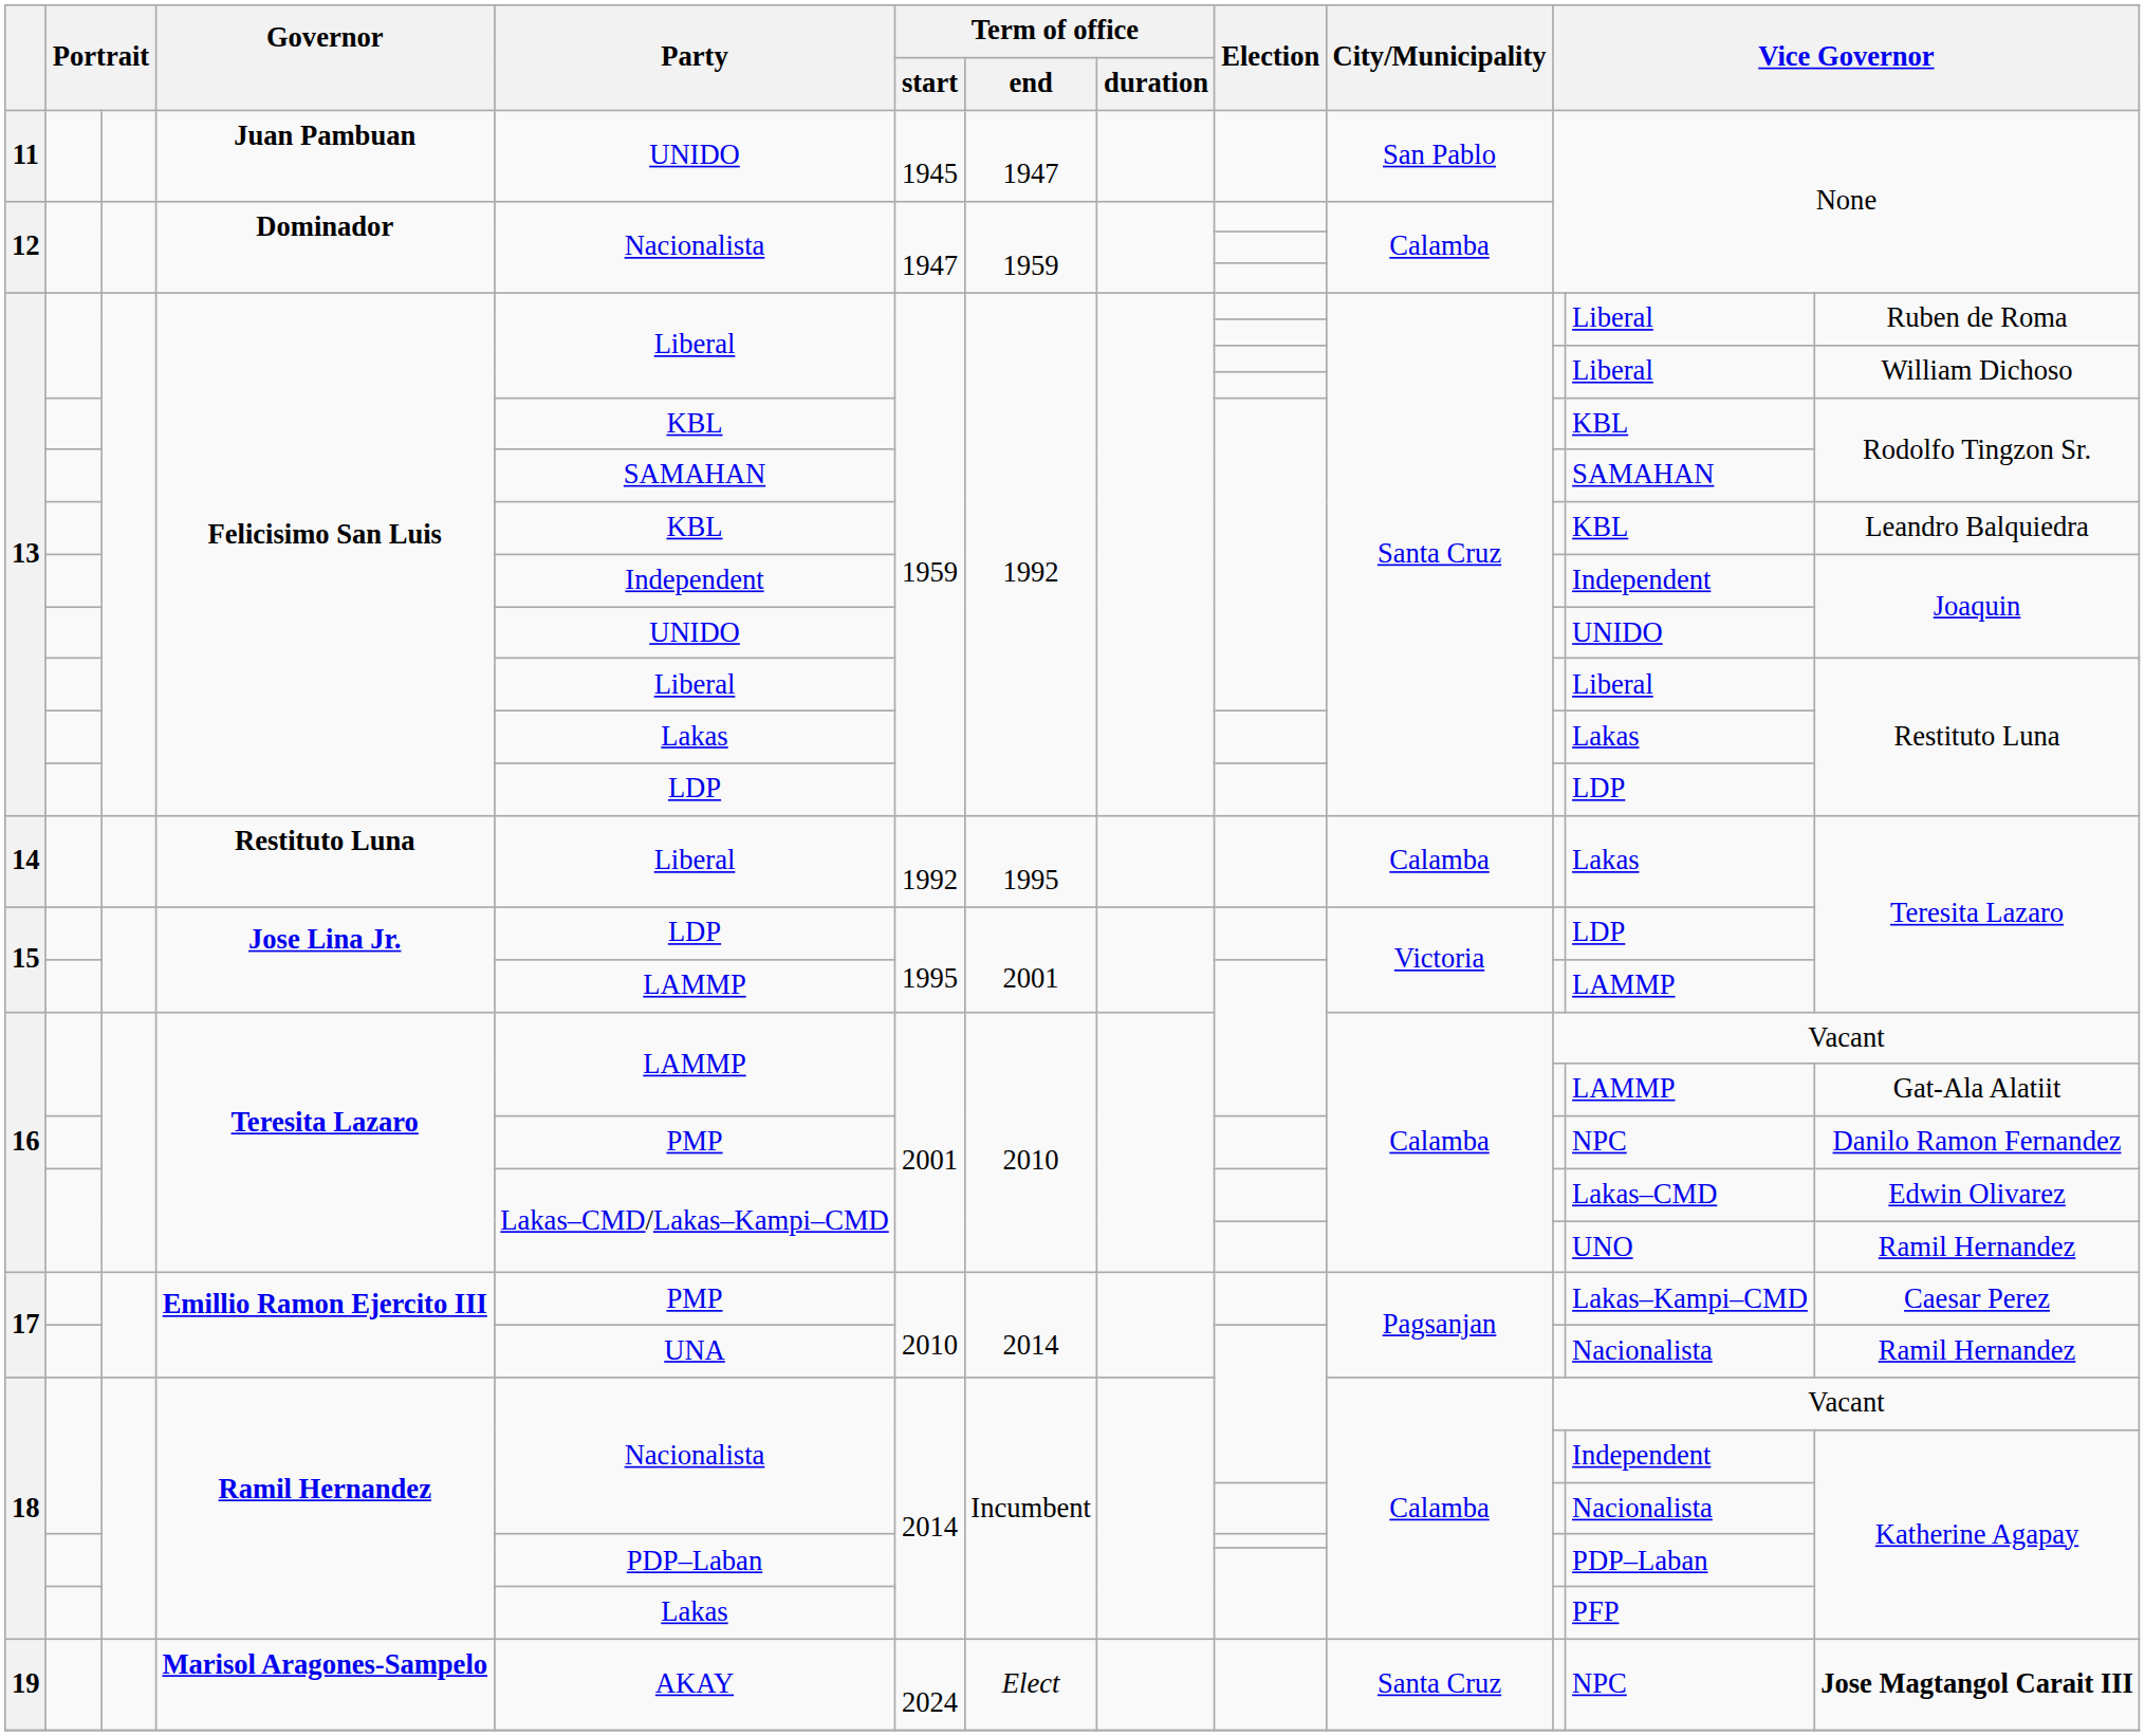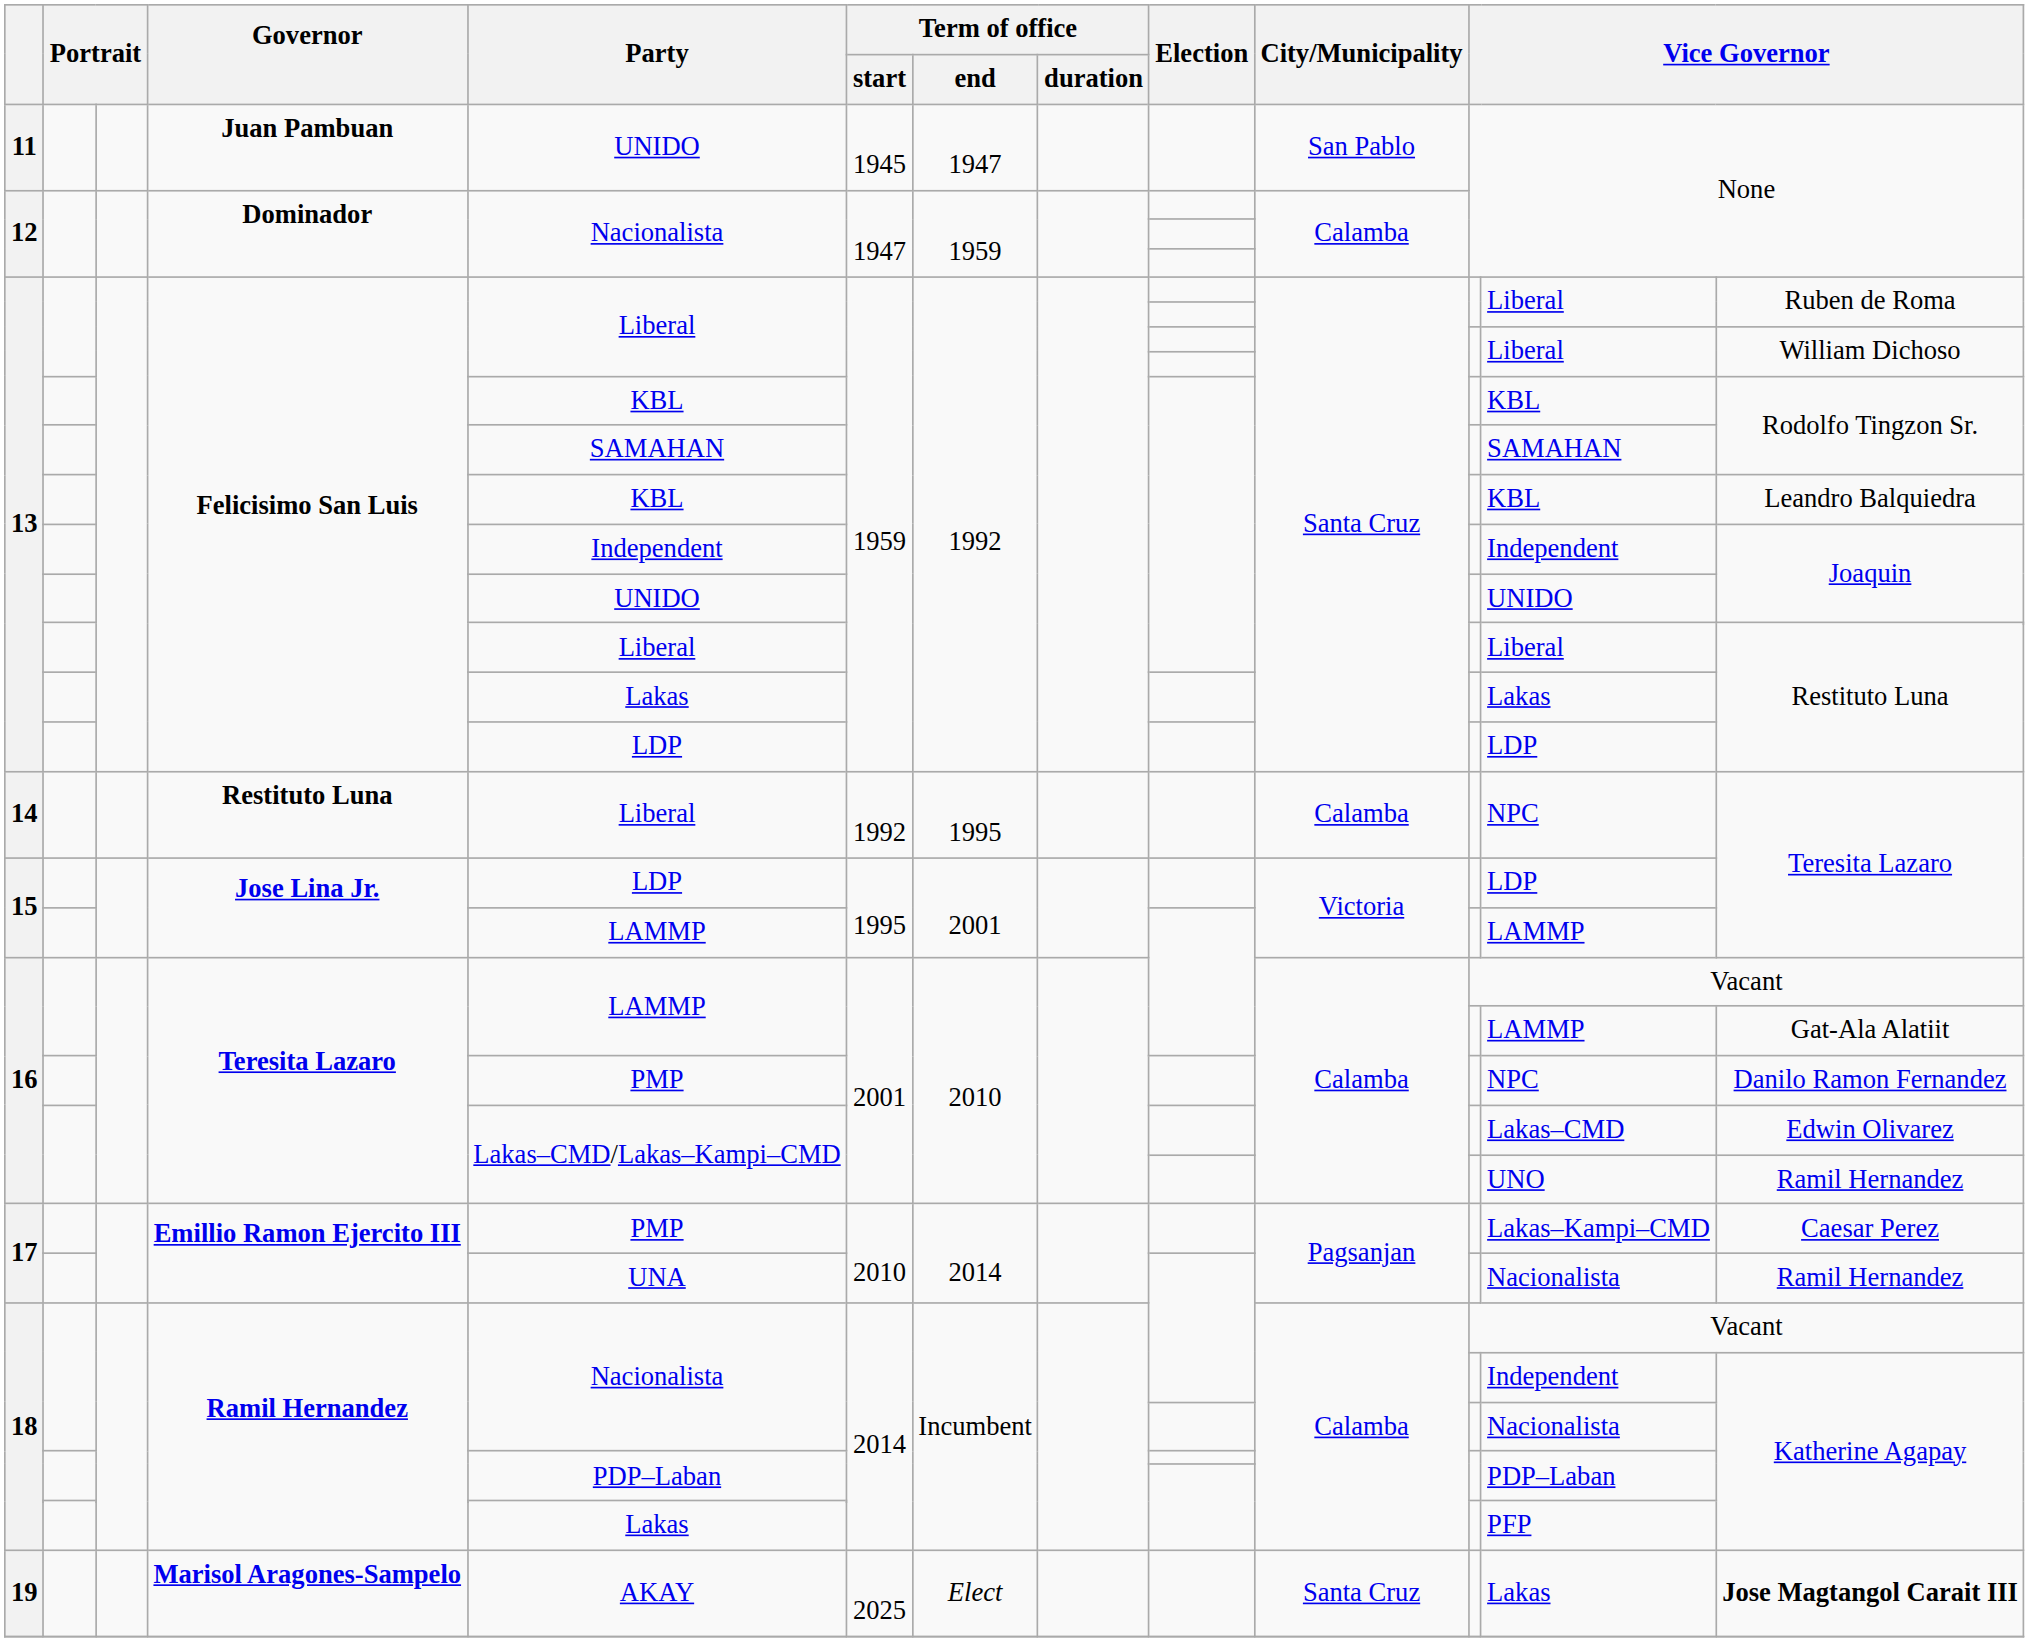 <table class="wikitable" style="line-height:1.4em; text-align:center">
 <tr>
 <th rowspan="2"></th>
 <th colspan="2" rowspan="2">Portrait</th>
 <th rowspan="2">Governor<br><br></th>
 <th rowspan="2">Party</th>
 <th colspan="3">Term of office</th>
 <th rowspan="2">Election</th>
 <th rowspan="2">City/Municipality</th>
 <th colspan="3" rowspan="2"><a href='#'>Vice Governor</a></th>
 </tr>
 <tr>
 <th>start</th>
 <th>end</th>
 <th>duration</th>
 </tr>
 <tr>
 <th>11</th>
 <td style="background:"></td>
 <td></td>
 <td><strong>Juan Pambuan</strong><br><br></td>
 <td><a href='#'>UNIDO</a></td>
 <td><br>1945</td>
 <td><br>1947</td>
 <td></td>
 <td></td>
 <td><a href='#'>San Pablo</a></td>
 <td rowspan="4" colspan="3">None<br></td>
 </tr>
 <tr>
 <th rowspan="3">12</th>
 <td rowspan="3" style="background:"></td>
 <td rowspan="3"></td>
 <td rowspan="3"><strong>Dominador </strong><br><br></td>
 <td rowspan="3"><a href='#'>Nacionalista</a></td>
 <td rowspan="3"><br>1947</td>
 <td rowspan="3"><br>1959</td>
 <td rowspan="3"></td>
 <td></td>
 <td rowspan="3"><a href='#'>Calamba</a></td>
 </tr>
 <tr>
 <td></td>
 </tr>
 <tr>
 <td></td>
 </tr>
 <tr>
 <th rowspan="13">13</th>
 <td rowspan="4" style="background:"></td>
 <td rowspan="13"></td>
 <td rowspan="13"><strong>Felicisimo San Luis</strong><br><br></td>
 <td rowspan="4"><a href='#'>Liberal</a></td>
 <td rowspan="13"><br>1959</td>
 <td rowspan="13"><br>1992</td>
 <td rowspan="13"></td>
 <td></td>
 <td rowspan="13"><a href='#'>Santa Cruz</a></td>
 <td rowspan="2" style="background:"></td>
 <td rowspan="2" style="text-align:left;"><a href='#'>Liberal</a></td>
 <td rowspan="2">Ruben de Roma<br></td>
 </tr>
 <tr>
 <td></td>
 </tr>
 <tr>
 <td></td>
 <td rowspan="2" style="background:"></td>
 <td rowspan="2" style="text-align:left;"><a href='#'>Liberal</a></td>
 <td rowspan="2">William Dichoso<br></td>
 </tr>
 <tr>
 <td></td>
 </tr>
 <tr>
 <td style="background:"></td>
 <td><a href='#'>KBL</a></td>
 <td rowspan="7"></td>
 <td style="background:"></td>
 <td style="text-align:left;"><a href='#'>KBL</a></td>
 <td rowspan="2">Rodolfo Tingzon Sr.<br></td>
 </tr>
 <tr>
 <td style="background:"></td>
 <td><a href='#'>SAMAHAN</a></td>
 <td style="background:"></td>
 <td style="text-align:left;"><a href='#'>SAMAHAN</a></td>
 </tr>
 <tr>
 <td style="background:"></td>
 <td><a href='#'>KBL</a></td>
 <td style="background:"></td>
 <td style="text-align:left;"><a href='#'>KBL</a></td>
 <td>Leandro Balquiedra<br></td>
 </tr>
 <tr>
 <td style="background:"></td>
 <td><a href='#'>Independent</a></td>
 <td style="background:"></td>
 <td style="text-align:left;"><a href='#'>Independent</a></td>
 <td rowspan="3"><a href='#'>Joaquin </a><br></td>
 </tr>
 <tr>
 <td style="background:"></td>
 <td><a href='#'>UNIDO</a></td>
 <td style="background:"></td>
 <td style="text-align:left;"><a href='#'>UNIDO</a></td>
 </tr>
 <tr>
 <td rowspan="2" style="background:"></td>
 <td rowspan="2"><a href='#'>Liberal</a></td>
 <td rowspan="2" style="background:"></td>
 <td rowspan="2" style="text-align:left;"><a href='#'>Liberal</a></td>
 </tr>
 <tr>
 <td rowspan="3">Restituto Luna<br></td>
 </tr>
 <tr>
 <td style="background:"></td>
 <td><a href='#'>Lakas</a></td>
 <td></td>
 <td style="background:"></td>
 <td style="text-align:left;"><a href='#'>Lakas</a></td>
 </tr>
 <tr>
 <td style="background:"></td>
 <td><a href='#'>LDP</a></td>
 <td></td>
 <td style="background:"></td>
 <td style="text-align:left;"><a href='#'>LDP</a></td>
 </tr>
 <tr>
 <th>14</th>
 <td style="background:"></td>
 <td></td>
 <td><strong>Restituto Luna</strong><br><br></td>
 <td><a href='#'>Liberal</a></td>
 <td><br>1992</td>
 <td><br>1995</td>
 <td></td>
 <td></td>
 <td><a href='#'>Calamba</a></td>
 <td style="background:"></td>
-<td style="text-align:left;"><a href='#'>Lakas</a></td>
+<td style="text-align:left;"><a href='#'>NPC</a></td>
 <td rowspan="3"><a href='#'>Teresita Lazaro</a><br></td>
 </tr>
 <tr>
 <th rowspan="2">15</th>
 <td style="background:"></td>
 <td rowspan="2"></td>
 <td rowspan="2"><strong><a href='#'>Jose Lina Jr.</a></strong><br><br></td>
 <td><a href='#'>LDP</a></td>
 <td rowspan="2"><br>1995</td>
 <td rowspan="2"><br>2001</td>
 <td rowspan="2"></td>
 <td></td>
 <td rowspan="2"><a href='#'>Victoria</a></td>
 <td style="background:"></td>
 <td style="text-align:left;"><a href='#'>LDP</a></td>
 </tr>
 <tr>
 <td style="background:"></td>
 <td><a href='#'>LAMMP</a></td>
 <td rowspan="3"></td>
 <td style="background:"></td>
 <td style="text-align:left;"><a href='#'>LAMMP</a></td>
 </tr>
 <tr>
 <th rowspan="5">16</th>
 <td rowspan="2" style="background:"></td>
 <td rowspan="5"></td>
 <td rowspan="5"><strong><a href='#'>Teresita Lazaro</a></strong><br><br></td>
 <td rowspan="2"><a href='#'>LAMMP</a></td>
 <td rowspan="5"><br>2001</td>
 <td rowspan="5"><br>2010</td>
 <td rowspan="5"></td>
 <td rowspan="5"><a href='#'>Calamba</a></td>
 <td colspan="3">Vacant<br></td>
 </tr>
 <tr>
 <td style="background:"></td>
 <td style="text-align:left;"><a href='#'>LAMMP</a></td>
 <td>Gat-Ala Alatiit<br></td>
 </tr>
 <tr>
 <td style="background:"></td>
 <td><a href='#'>PMP</a></td>
 <td></td>
 <td style="background:"></td>
 <td style="text-align:left;"><a href='#'>NPC</a></td>
 <td><a href='#'>Danilo Ramon Fernandez</a><br></td>
 </tr>
 <tr>
 <td rowspan="2" style="background:"></td>
 <td rowspan="2"><a href='#'>Lakas–CMD</a>/<a href='#'>Lakas–Kampi–CMD</a></td>
 <td></td>
 <td style="background:"></td>
 <td style="text-align:left;"><a href='#'>Lakas–CMD</a></td>
 <td><a href='#'>Edwin Olivarez</a><br></td>
 </tr>
 <tr>
 <td></td>
 <td style="background:"></td>
 <td style="text-align:left;"><a href='#'>UNO</a></td>
 <td><a href='#'>Ramil Hernandez</a><br></td>
 </tr>
 <tr>
 <th rowspan="2">17</th>
 <td style="background:"></td>
 <td rowspan="2"></td>
 <td rowspan="2"><strong><a href='#'>Emillio Ramon Ejercito III</a></strong><br><br></td>
 <td><a href='#'>PMP</a></td>
 <td rowspan="2"><br>2010</td>
 <td rowspan="2"><br>2014</td>
 <td rowspan="2"></td>
 <td></td>
 <td rowspan="2"><a href='#'>Pagsanjan</a></td>
 <td style="background:"></td>
 <td style="text-align:left;"><a href='#'>Lakas–Kampi–CMD</a></td>
 <td><a href='#'>Caesar Perez</a><br></td>
 </tr>
 <tr>
 <td style="background:"></td>
 <td><a href='#'>UNA</a></td>
 <td rowspan="3"></td>
 <td style="background:"></td>
 <td style="text-align:left;"><a href='#'>Nacionalista</a></td>
 <td><a href='#'>Ramil Hernandez</a><br></td>
 </tr>
 <tr>
 <th rowspan="7">18</th>
 <td rowspan="3" style="background:"></td>
 <td rowspan="7"></td>
 <td rowspan="7"><strong><a href='#'>Ramil Hernandez</a></strong><br><br></td>
 <td rowspan="3"><a href='#'>Nacionalista</a></td>
 <td rowspan="7"><br>2014</td>
 <td rowspan="7">Incumbent</td>
 <td rowspan="7"></td>
 <td rowspan="7"><a href='#'>Calamba</a></td>
 <td colspan="3">Vacant<br></td>
 </tr>
 <tr>
 <td style="background:"></td>
 <td style="text-align:left;"><a href='#'>Independent</a></td>
 <td rowspan="6"><a href='#'>Katherine Agapay</a><br></td>
 </tr>
 <tr>
 <td></td>
 <td style="background:"></td>
 <td style="text-align:left;"><a href='#'>Nacionalista</a></td>
 </tr>
 <tr>
 <td rowspan="3" style="background:"></td>
 <td rowspan="3"><a href='#'>PDP–Laban</a></td>
 <td></td>
 <td rowspan="2" style="background:"></td>
 <td rowspan="2" style="text-align:left;"><a href='#'>PDP–Laban</a></td>
 </tr>
 <tr>
 <td rowspan="3"></td>
 </tr>
 <tr>
 <td rowspan="2" style="background:"></td>
 <td rowspan="2" style="text-align:left;"><a href='#'>PFP</a></td>
 </tr>
 <tr>
 <td style="background:"></td>
 <td><a href='#'>Lakas</a></td>
 </tr>
 <tr>
 <th>19</th>
 <td style="background:"></td>
 <td></td>
 <td><strong><a href='#'>Marisol Aragones-Sampelo</a></strong><br><br></td>
 <td><a href='#'>AKAY</a></td>
-<td><br>2024</td>
+<td><br>2025</td>
 <td><em>Elect</em></td>
 <td></td>
 <td></td>
 <td><a href='#'>Santa Cruz</a></td>
 <td style="background:"></td>
-<td style="text-align:left;"><a href='#'>NPC</a></td>
+<td style="text-align:left;"><a href='#'>Lakas</a></td>
 <td><strong>Jose Magtangol Carait III<br></strong></td>
 </tr>
 <tr>
 </tr>
 </table>
